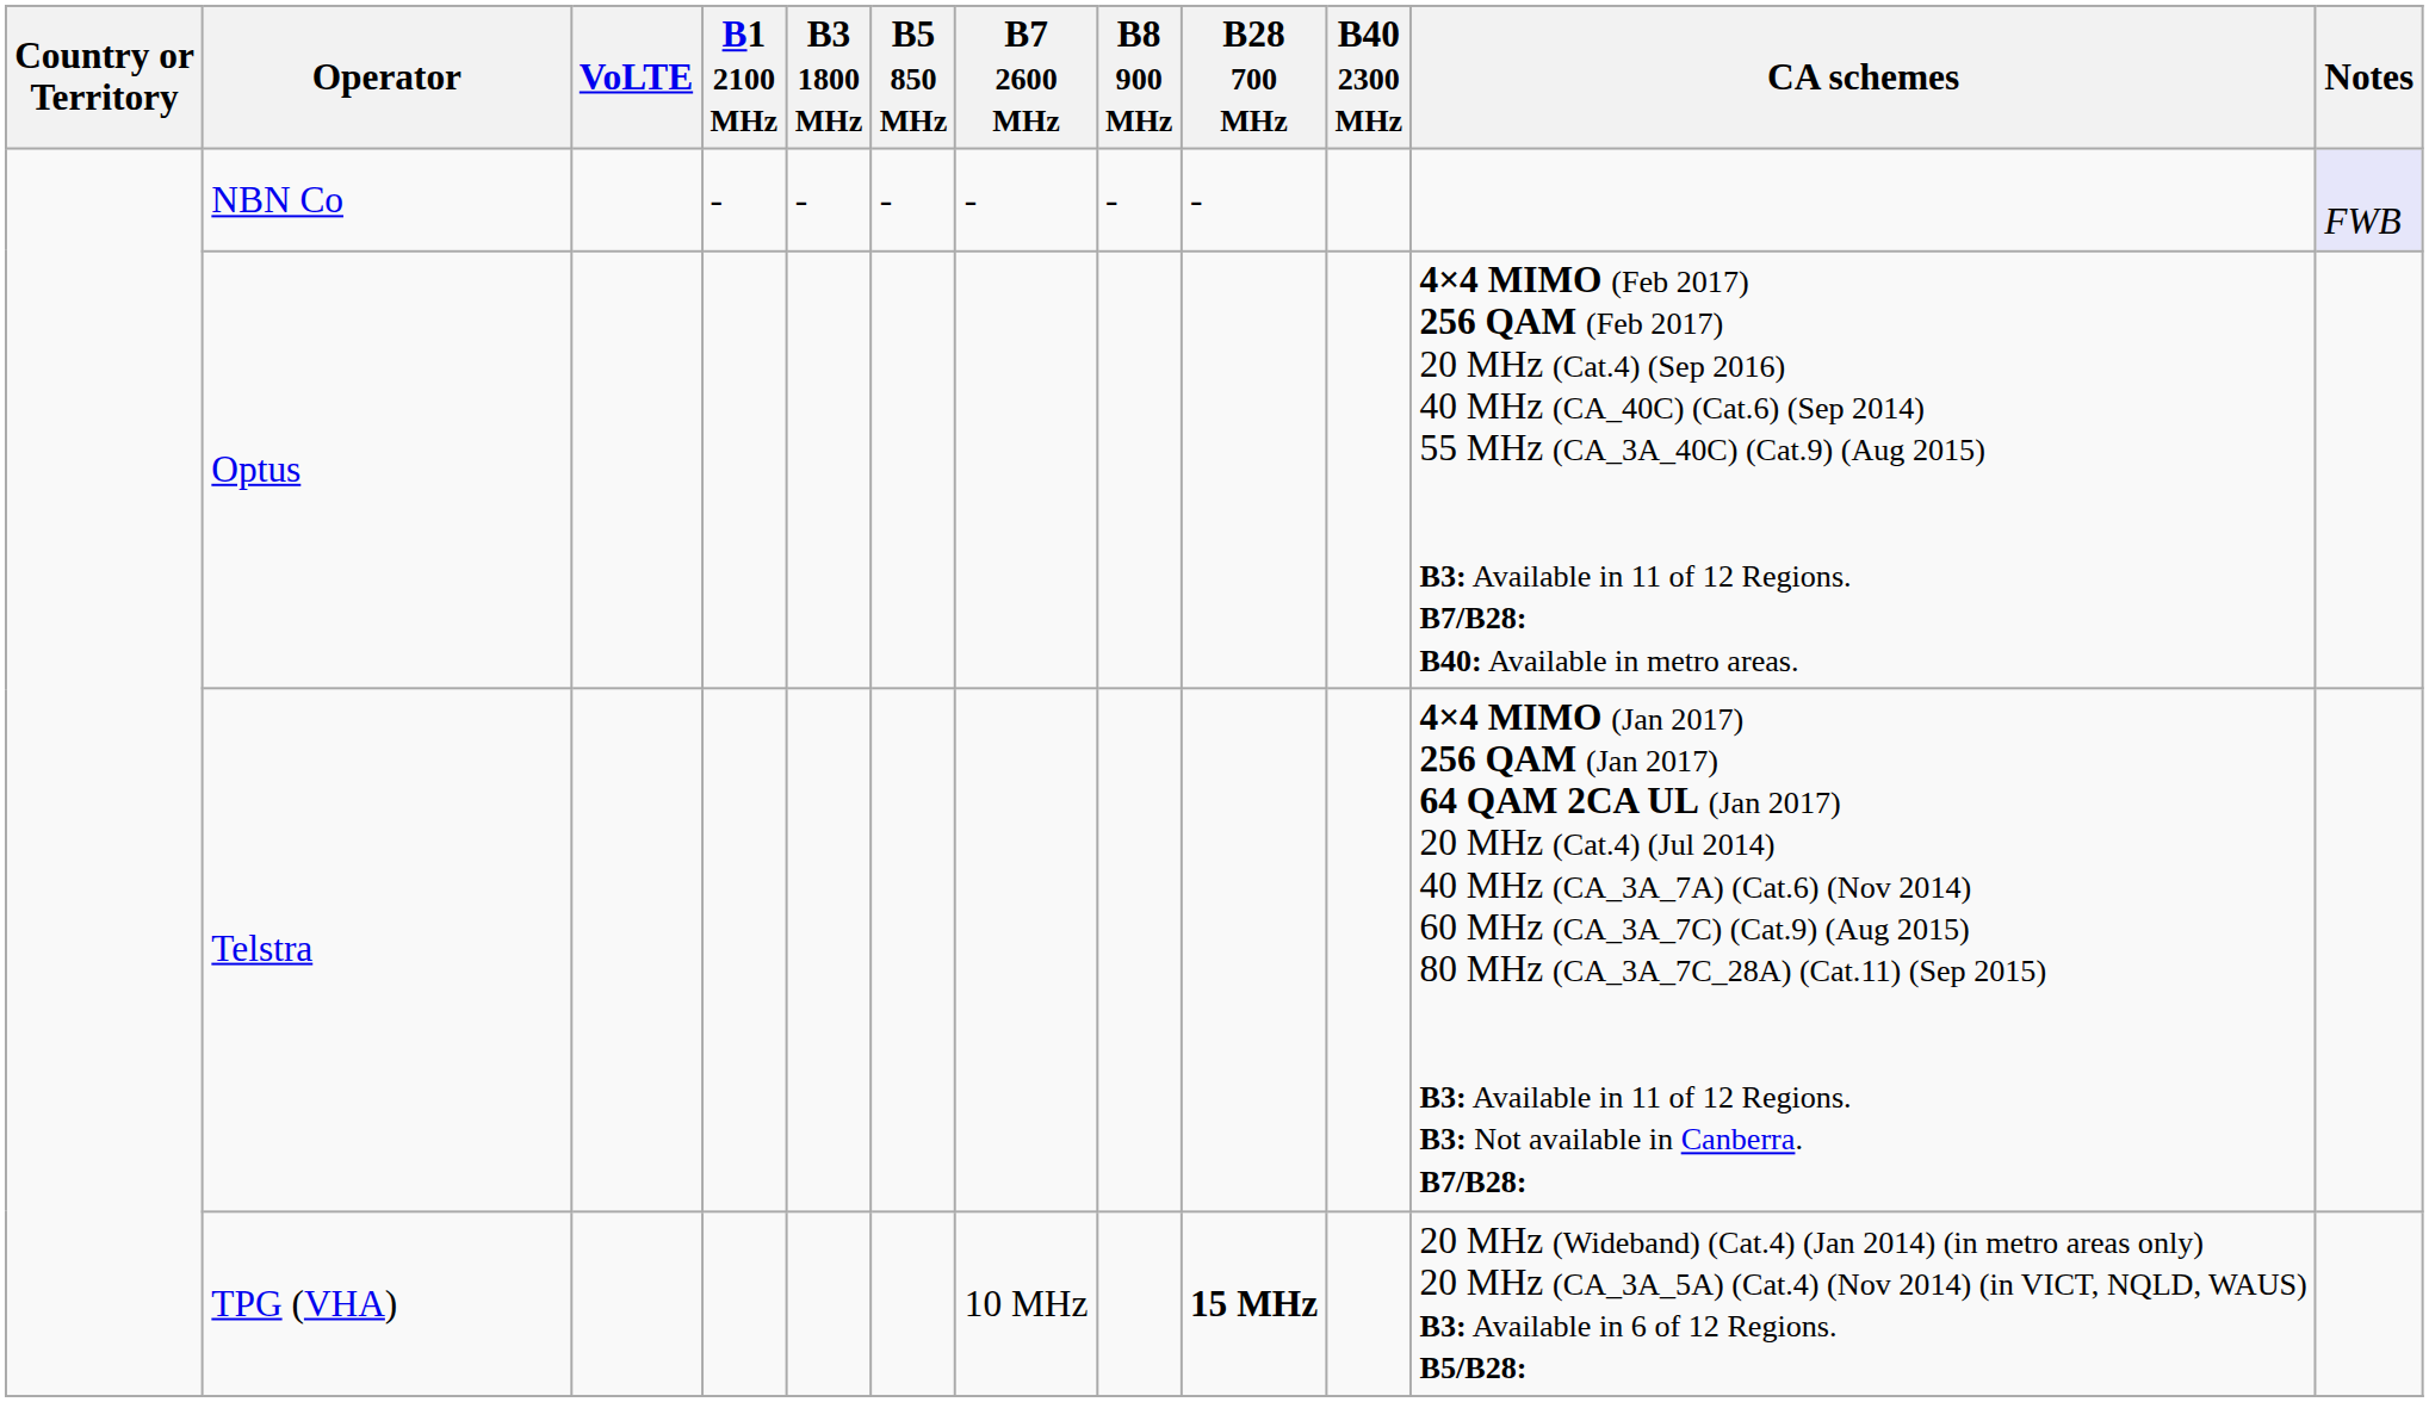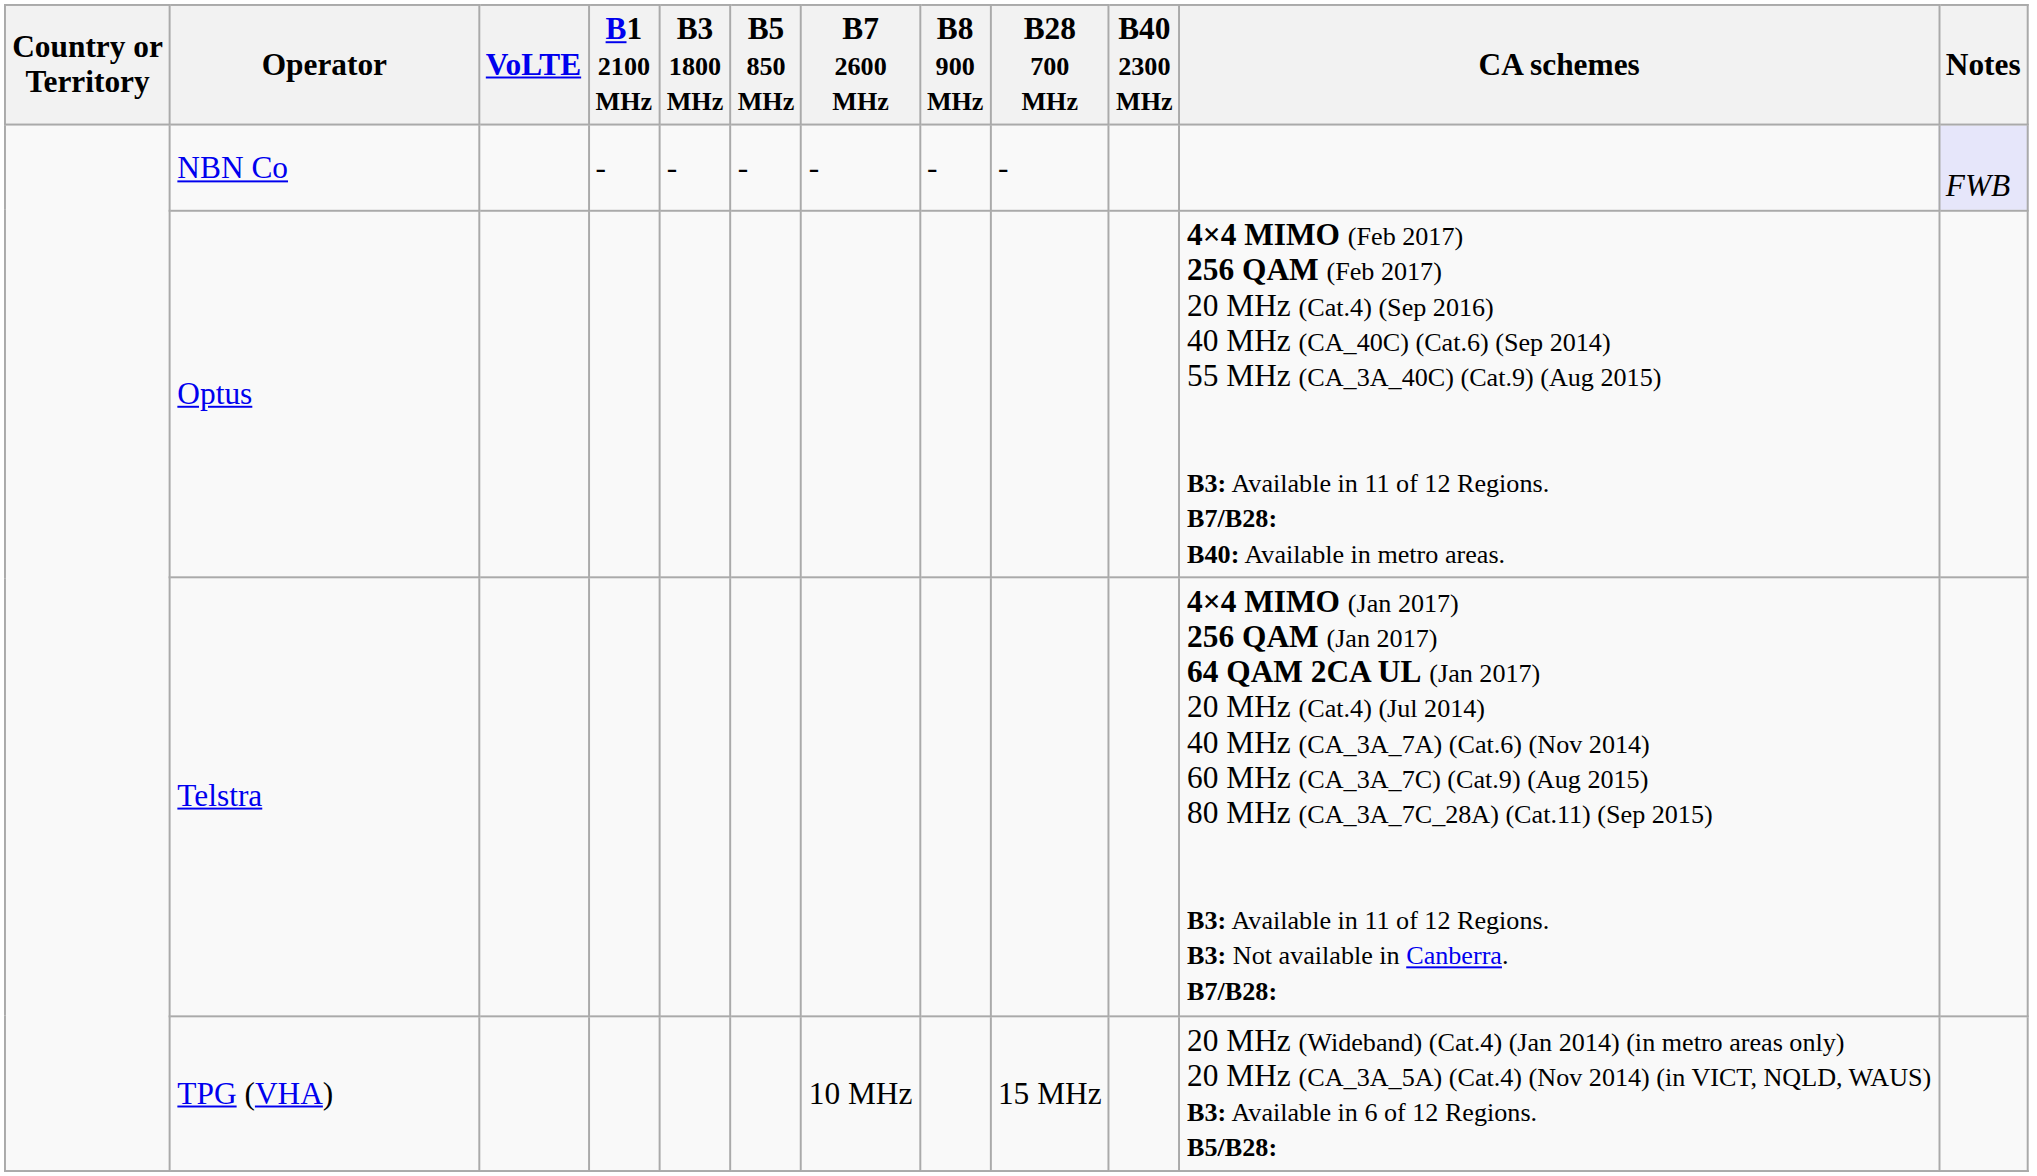 <table class="wikitable sortable sticky-header">
 <tr>
 <th>Country or<br>Territory</th>
 <th style="width: 150px;">Operator</th>
 <th><a href='#'>VoLTE</a></th>
 <th><a href='#'>B</a>1<br><small>2100<br>MHz</small></th>
 <th>B3<br><small>1800<br>MHz</small></th>
 <th>B5<br><small>850<br>MHz</small></th>
 <th>B7<br><small>2600<br>MHz</small></th>
 <th>B8<br><small>900<br>MHz</small></th>
 <th>B28<br><small>700<br>MHz</small></th>
 <th>B40<br><small>2300<br>MHz</small></th>
 <th>CA schemes</th>
 <th>Notes</th>
 </tr>
 <tr>
 <td rowspan="4"></td>
 <td><a href='#'>NBN Co</a></td>
 <td></td>
 <td>-</td>
 <td>-</td>
 <td>-</td>
 <td>-</td>
 <td>-</td>
 <td>-</td>
 <td></td>
 <td></td>
 <td style="background: lavender;"><br><em>FWB</em></td>
 </tr>
 <tr>
 <td><a href='#'>Optus</a></td>
 <td></td>
 <td></td>
 <td></td>
 <td></td>
 <td></td>
 <td><br></td>
 <td></td>
 <td></td>
 <td><strong>4×4 MIMO</strong> <small>(Feb 2017)</small><br><strong>256 QAM</strong> <small>(Feb 2017)</small><br>20 MHz <small>(Cat.4) (Sep 2016)</small><br>40 MHz <small>(CA_40C) (Cat.6) (Sep 2014)</small><br>55 MHz <small>(CA_3A_40C) (Cat.9) (Aug 2015)</small><br><br><br><small><strong>B3:</strong> Available in 11 of 12 Regions.</small><br><small><strong>B7/B28:</strong> </small><br><small><strong>B40:</strong> Available in metro areas.</small></td>
 <td><br><br><br><br><br></td>
 </tr>
 <tr>
 <td><a href='#'>Telstra</a></td>
 <td></td>
 <td></td>
 <td></td>
 <td></td>
 <td></td>
 <td></td>
 <td></td>
 <td></td>
 <td><strong>4×4 MIMO</strong> <small>(Jan 2017)</small><br><strong>256 QAM</strong> <small>(Jan 2017)</small><br><strong>64 QAM 2CA UL</strong> <small>(Jan 2017)</small><br>20 MHz <small>(Cat.4) (Jul 2014)</small><br>40 MHz <small>(CA_3A_7A) (Cat.6) (Nov 2014)</small><br>60 MHz <small>(CA_3A_7C) (Cat.9) (Aug 2015)</small><br>80 MHz <small>(CA_3A_7C_28A) (Cat.11) (Sep 2015)</small><br><br><br><small><strong>B3:</strong> Available in 11 of 12 Regions.</small><br><small><strong>B3:</strong> Not available in <a href='#'>Canberra</a>.</small><br><small><strong>B7/B28:</strong> </small></td>
 <td><br><br><br><br></td>
 </tr>
 <tr>
 <td><a href='#'>TPG</a> (<a href='#'>VHA</a>)</td>
 <td></td>
 <td></td>
 <td></td>
 <td></td>
 <td>10 MHz</td>
 <td></td>
-<td><strong>15 MHz</strong></td>
+<td>15 MHz</td>
 <td></td>
 <td>20 MHz <small>(Wideband) (Cat.4) (Jan 2014) (in metro areas only)</small><br>20 MHz <small>(CA_3A_5A) (Cat.4) (Nov 2014) (in VICT, NQLD, WAUS)</small><br><small><strong>B3:</strong> Available in 6 of 12 Regions.</small><br><small><strong>B5/B28:</strong> </small></td>
 <td><br><br><br><br></td>
 </tr>
 <tr>
 </tr>
 </table>
